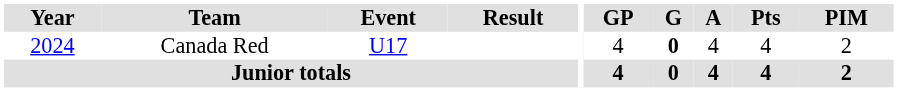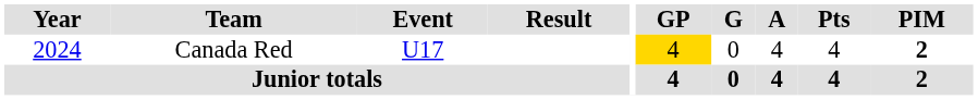 <table border="0" cellpadding="1" cellspacing="0" ID="Table3" style="text-align:center; width:40em">
 <tr bgcolor="#e0e0e0">
 <th>Year</th>
 <th>Team</th>
 <th>Event</th>
 <th>Result</th>
 <th rowspan="99" bgcolor="#ffffff"></th>
 <th>GP</th>
 <th>G</th>
 <th>A</th>
 <th>Pts</th>
 <th>PIM</th>
 </tr>
 <tr>
 <td><a href='#'>2024</a></td>
 <td>Canada Red</td>
 <td><a href='#'>U17</a></td>
 <td></td>
-<td>4</td>
-<td><strong>0</strong></td>
+<td style="background: gold;">4</td>
+<td>0</td>
 <td>4</td>
 <td>4</td>
-<td>2</td>
+<td><strong>2</strong></td>
 </tr>
 <tr bgcolor="#e0e0e0">
 <th colspan="4">Junior totals</th>
 <th>4</th>
 <th>0</th>
 <th>4</th>
 <th>4</th>
 <th>2</th>
 </tr>
 </table>
